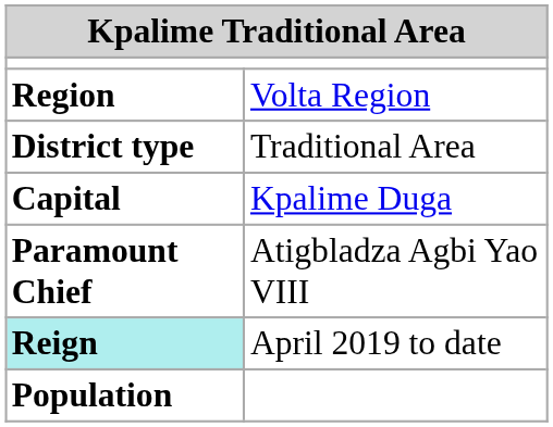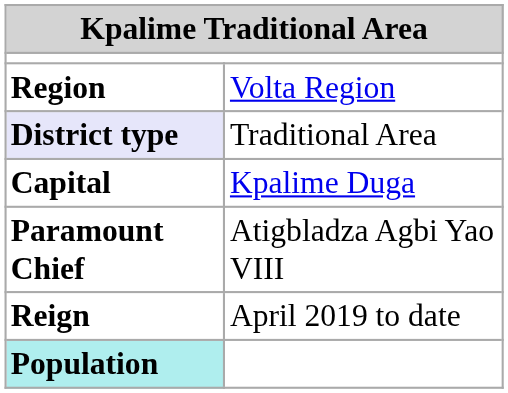 <table border="1" cellspacing="0" cellpadding="2" width="240" style="margin: 0 0 1em 1em; border: 1px #aaa solid; border-collapse: collapse; font-size: 95%;" align="right">
 <tr>
 <td align=center colspan=3 bgcolor=#d3d3d3><span><strong>Kpalime Traditional Area</strong></span></td>
 </tr>
 <tr>
 <th align="center" colspan="3"></th>
 </tr>
 <tr>
 <td align="left" valign="top"><strong>Region</strong></td>
 <td colspan=2 valign=top><a href='#'>Volta Region</a></td>
 </tr>
 <tr>
-<td align="left" valign="top"><strong>District type</strong></td>
+<td align="left" valign="top" style="background: lavender;"><strong>District type</strong></td>
 <td colspan=2 valign=top>Traditional Area</td>
 </tr>
 <tr>
 <th align="left" valign="top"><strong>Capital</strong></th>
 <td colspan=2 valign=top><a href='#'>Kpalime Duga</a></td>
 </tr>
 <tr>
 <td align="left" valign="top"><strong>Paramount Chief</strong></td>
 <td colspan=2 valign=top>Atigbladza Agbi Yao VIII</td>
 </tr>
 <tr>
-<td align="left" valign="top" style="background: paleturquoise;"><strong>Reign</strong></td>
+<td align="left" valign="top"><strong>Reign</strong></td>
 <td colspan=2 valign=top>April 2019 to date</td>
 </tr>
 <tr>
-<td align="left" valign="top"><strong>Population</strong></td>
+<td align="left" valign="top" style="background: paleturquoise;"><strong>Population</strong></td>
 <td align=left valign=top></td>
 </tr>
 </table>
